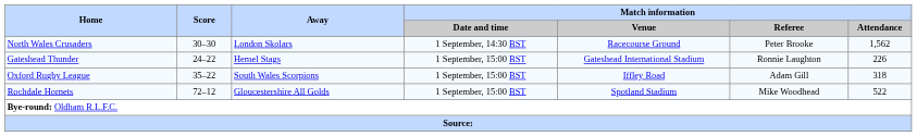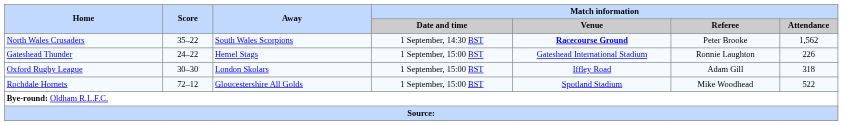 <table border=1 style="border-collapse:collapse; font-size:80%; text-align:center;" cellpadding=3 cellspacing=0 width=100%>
 <tr bgcolor=#C1D8FF>
 <th rowspan=2 width=19%>Home</th>
 <th rowspan=2 width=6%>Score</th>
 <th rowspan=2 width=19%>Away</th>
 <th colspan=6>Match information</th>
 </tr>
 <tr bgcolor=#CCCCCC>
 <th width=17%>Date and time</th>
 <th width=19%>Venue</th>
 <th width=13%>Referee</th>
 <th width=7%>Attendance</th>
 </tr>
 <tr bgcolor=#F5FAFF>
 <td align=left> <a href='#'>North Wales Crusaders</a></td>
-<td>30–30</td>
-<td align=left> <a href='#'>London Skolars</a></td>
+<td>35–22</td>
+<td align=left> <a href='#'>South Wales Scorpions</a></td>
 <td>1 September, 14:30 <a href='#'>BST</a></td>
-<td><a href='#'>Racecourse Ground</a></td>
+<td><strong><a href='#'>Racecourse Ground</a></strong></td>
 <td>Peter Brooke</td>
 <td>1,562</td>
 </tr>
 <tr bgcolor=#F5FAFF>
 <td align=left> <a href='#'>Gateshead Thunder</a></td>
 <td>24–22</td>
 <td align=left> <a href='#'>Hemel Stags</a></td>
 <td>1 September, 15:00 <a href='#'>BST</a></td>
 <td><a href='#'>Gateshead International Stadium</a></td>
 <td>Ronnie Laughton</td>
 <td>226</td>
 </tr>
 <tr bgcolor=#F5FAFF>
 <td align=left> <a href='#'>Oxford Rugby League</a></td>
-<td>35–22</td>
-<td align=left> <a href='#'>South Wales Scorpions</a></td>
+<td>30–30</td>
+<td align=left> <a href='#'>London Skolars</a></td>
 <td>1 September, 15:00 <a href='#'>BST</a></td>
 <td><a href='#'>Iffley Road</a></td>
 <td>Adam Gill</td>
 <td>318</td>
 </tr>
 <tr bgcolor=#F5FAFF>
 <td align=left> <a href='#'>Rochdale Hornets</a></td>
 <td>72–12</td>
 <td align=left> <a href='#'>Gloucestershire All Golds</a></td>
 <td>1 September, 15:00 <a href='#'>BST</a></td>
 <td><a href='#'>Spotland Stadium</a></td>
 <td>Mike Woodhead</td>
 <td>522</td>
 </tr>
 <tr>
 <td colspan="7" align="left"><strong>Bye-round:</strong>  <a href='#'>Oldham R.L.F.C.</a></td>
 </tr>
 <tr bgcolor=#C1D8FF>
 <th colspan=12>Source:</th>
 </tr>
 </table>
